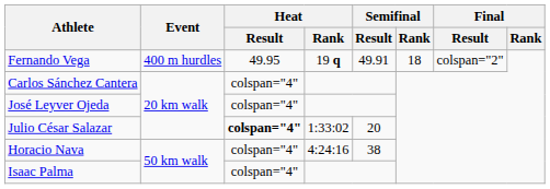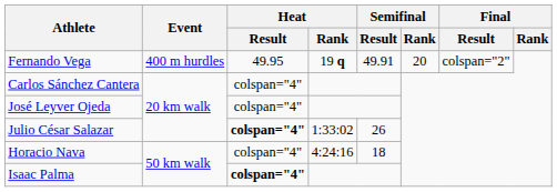 <table class="wikitable" style="font-size:90%">
 <tr>
 <th rowspan="2">Athlete</th>
 <th rowspan="2">Event</th>
 <th colspan="2">Heat</th>
 <th colspan="2">Semifinal</th>
 <th colspan="2">Final</th>
 </tr>
 <tr>
 <th>Result</th>
 <th>Rank</th>
 <th>Result</th>
 <th>Rank</th>
 <th>Result</th>
 <th>Rank</th>
 </tr>
 <tr style=text-align:center>
 <td style=text-align:left><a href='#'>Fernando Vega</a></td>
 <td style=text-align:left><a href='#'>400 m hurdles</a></td>
 <td>49.95</td>
 <td>19 <strong>q</strong></td>
 <td>49.91</td>
-<td>18</td>
+<td>20</td>
 <td>colspan="2" </td>
 </tr>
 <tr style=text-align:center>
 <td style=text-align:left><a href='#'>Carlos Sánchez Cantera</a></td>
 <td style=text-align:left rowspan="3"><a href='#'>20 km walk</a></td>
 <td>colspan="4" </td>
 <td colspan="2"></td>
 </tr>
 <tr style=text-align:center>
 <td style=text-align:left><a href='#'>José Leyver Ojeda</a></td>
 <td>colspan="4" </td>
 <td colspan="2"></td>
 </tr>
 <tr style=text-align:center>
 <td style=text-align:left><a href='#'>Julio César Salazar</a></td>
 <td><strong>colspan="4" </strong></td>
 <td>1:33:02</td>
-<td>20</td>
+<td>26</td>
 </tr>
 <tr style=text-align:center>
 <td style=text-align:left><a href='#'>Horacio Nava</a></td>
 <td style=text-align:left rowspan="2"><a href='#'>50 km walk</a></td>
 <td>colspan="4" </td>
 <td>4:24:16</td>
-<td>38</td>
+<td>18</td>
 </tr>
 <tr style=text-align:center>
 <td style=text-align:left><a href='#'>Isaac Palma</a></td>
-<td>colspan="4" </td>
+<td><strong>colspan="4" </strong></td>
 <td colspan="2"></td>
 </tr>
 </table>
